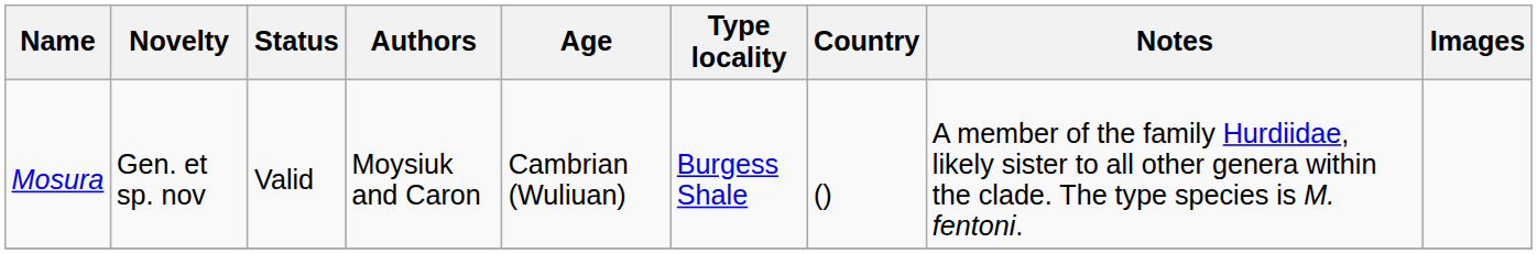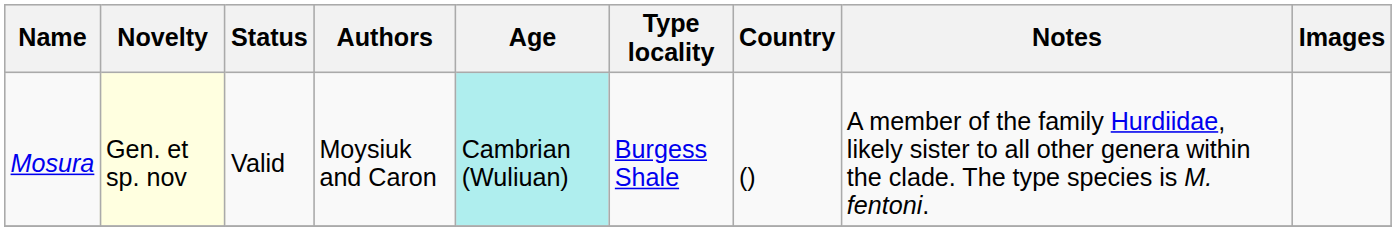 <table class="wikitable sortable" align="center" width="100%">
 <tr>
 <th>Name</th>
 <th>Novelty</th>
 <th>Status</th>
 <th>Authors</th>
 <th>Age</th>
 <th>Type locality</th>
 <th>Country</th>
 <th>Notes</th>
 <th>Images</th>
 </tr>
 <tr>
 <td><br><em><a href='#'>Mosura</a></em></td>
-<td><br>Gen. et sp. nov</td>
+<td style="background: lightyellow;"><br>Gen. et sp. nov</td>
 <td><br>Valid</td>
 <td><br>Moysiuk and Caron</td>
-<td><br>Cambrian (Wuliuan)</td>
+<td style="background: paleturquoise;"><br>Cambrian (Wuliuan)</td>
 <td><br><a href='#'>Burgess Shale</a></td>
 <td><br><br>()</td>
 <td><br>A member of the family <a href='#'>Hurdiidae</a>, likely sister to all other genera within the clade. The type species is <em>M. fentoni</em>.</td>
 <td></td>
 </tr>
 <tr>
 </tr>
 </table>
